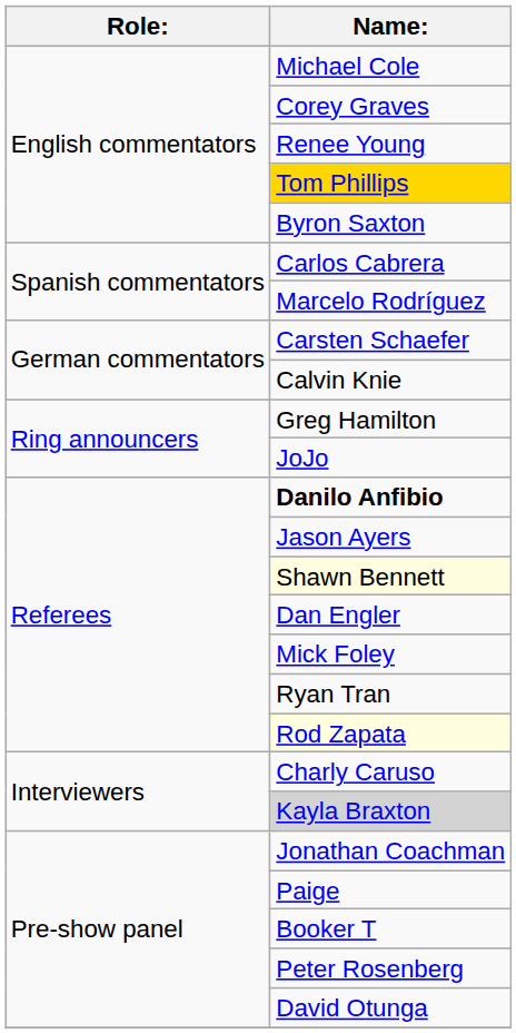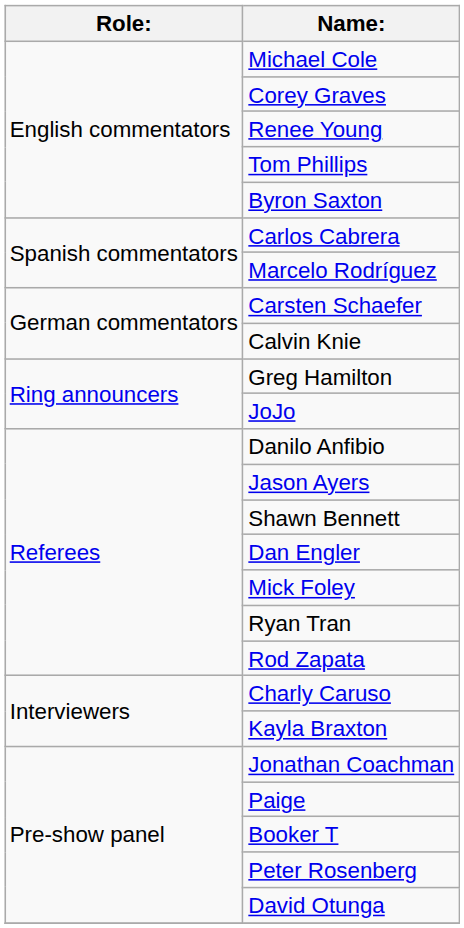 <table class=wikitable style="font-size:90%; margin: 0.5em 0 0.5em 1em; float: right; clear: right;">
 <tr>
 <th>Role:</th>
 <th>Name:</th>
 </tr>
 <tr>
 <td rowspan=5>English commentators</td>
 <td><a href='#'>Michael Cole</a> </td>
 </tr>
 <tr>
 <td><a href='#'>Corey Graves</a> </td>
 </tr>
 <tr>
 <td><a href='#'>Renee Young</a> </td>
 </tr>
 <tr>
-<td style="background: gold;"><a href='#'>Tom Phillips</a> </td>
+<td><a href='#'>Tom Phillips</a> </td>
 </tr>
 <tr>
 <td><a href='#'>Byron Saxton</a> </td>
 </tr>
 <tr>
 <td rowspan=2>Spanish commentators</td>
 <td><a href='#'>Carlos Cabrera</a></td>
 </tr>
 <tr>
 <td><a href='#'>Marcelo Rodríguez</a></td>
 </tr>
 <tr>
 <td rowspan=2>German commentators</td>
 <td><a href='#'>Carsten Schaefer</a></td>
 </tr>
 <tr>
 <td>Calvin Knie</td>
 </tr>
 <tr>
 <td rowspan=2><a href='#'>Ring announcers</a></td>
 <td>Greg Hamilton </td>
 </tr>
 <tr>
 <td><a href='#'>JoJo</a> </td>
 </tr>
 <tr>
 <td rowspan=7><a href='#'>Referees</a></td>
-<td><strong>Danilo Anfibio</strong></td>
+<td>Danilo Anfibio</td>
 </tr>
 <tr>
 <td><a href='#'>Jason Ayers</a></td>
 </tr>
 <tr>
-<td style="background: lightyellow;">Shawn Bennett</td>
+<td>Shawn Bennett</td>
 </tr>
 <tr>
 <td><a href='#'>Dan Engler</a></td>
 </tr>
 <tr>
 <td><a href='#'>Mick Foley</a></td>
 </tr>
 <tr>
 <td>Ryan Tran</td>
 </tr>
 <tr>
-<td style="background: lightyellow;"><a href='#'>Rod Zapata</a></td>
+<td><a href='#'>Rod Zapata</a></td>
 </tr>
 <tr>
 <td rowspan=2>Interviewers</td>
 <td><a href='#'>Charly Caruso</a></td>
 </tr>
 <tr>
-<td style="background: lightgrey;"><a href='#'>Kayla Braxton</a></td>
+<td><a href='#'>Kayla Braxton</a></td>
 </tr>
 <tr>
 <td rowspan=5>Pre-show panel</td>
 <td><a href='#'>Jonathan Coachman</a></td>
 </tr>
 <tr>
 <td><a href='#'>Paige</a></td>
 </tr>
 <tr>
 <td><a href='#'>Booker T</a></td>
 </tr>
 <tr>
 <td><a href='#'>Peter Rosenberg</a></td>
 </tr>
 <tr>
 <td><a href='#'>David Otunga</a></td>
 </tr>
 <tr>
 </tr>
 </table>
